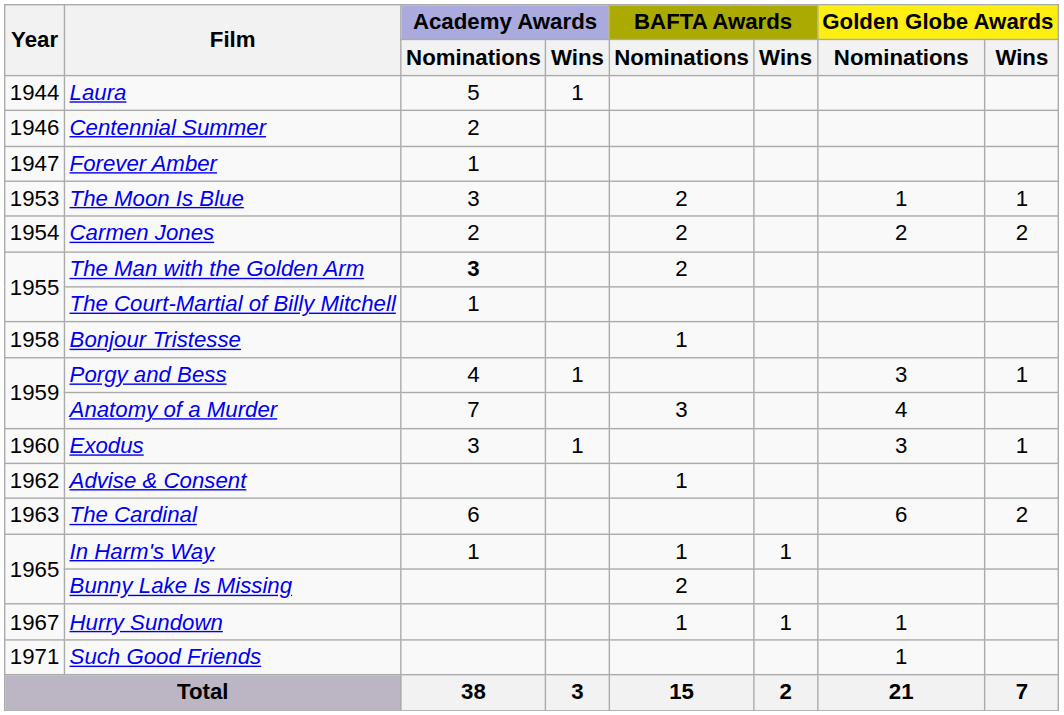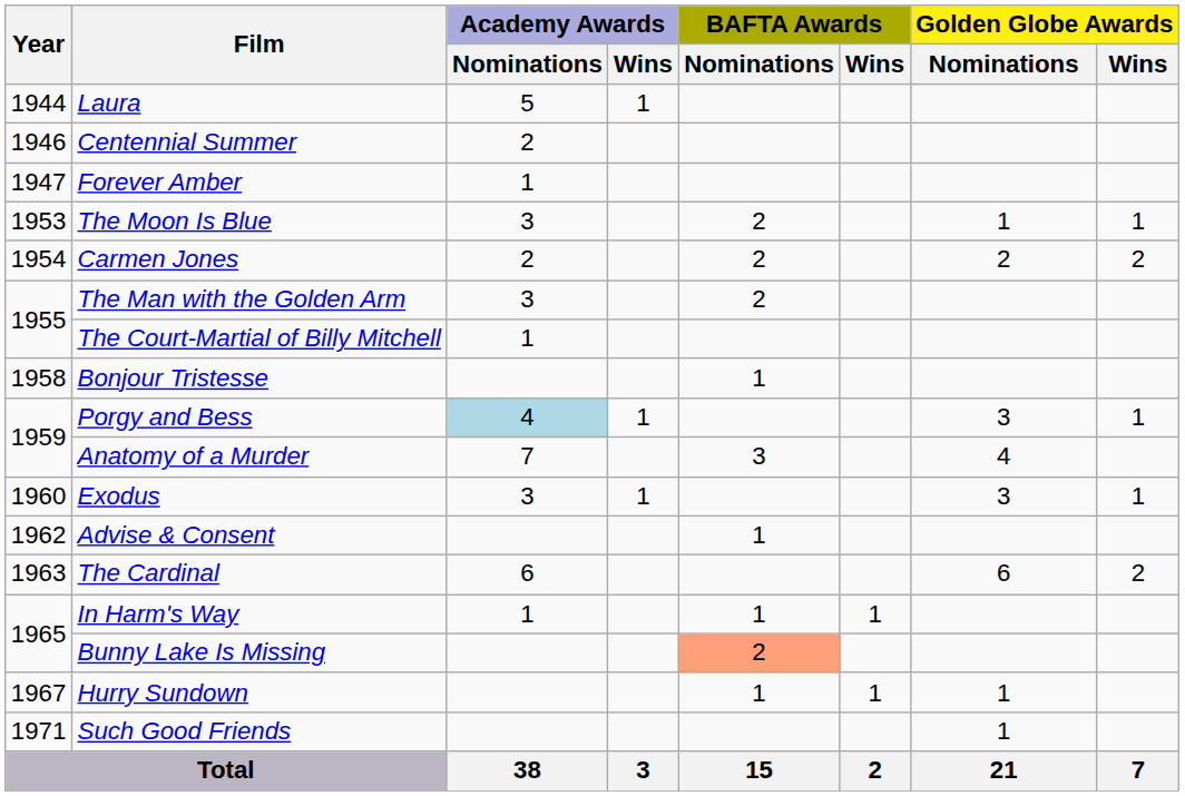 <table class="wikitable">
 <tr>
 <th rowspan="2">Year</th>
 <th rowspan="2">Film</th>
 <th colspan="2" style="background-color:#aaaade;">Academy Awards</th>
 <th colspan="2" style="background-color:#aa0;">BAFTA Awards</th>
 <th colspan="2" style="background-color:#fe1;">Golden Globe Awards</th>
 </tr>
 <tr>
 <th>Nominations</th>
 <th>Wins</th>
 <th>Nominations</th>
 <th>Wins</th>
 <th>Nominations</th>
 <th>Wins</th>
 </tr>
 <tr>
 <td>1944</td>
 <td><a href='#'><em>Laura</em></a></td>
 <td align=center>5</td>
 <td align=center>1</td>
 <td></td>
 <td></td>
 <td></td>
 <td></td>
 </tr>
 <tr>
 <td>1946</td>
 <td><em><a href='#'>Centennial Summer</a></em></td>
 <td align=center>2</td>
 <td></td>
 <td></td>
 <td></td>
 <td></td>
 <td></td>
 </tr>
 <tr>
 <td>1947</td>
 <td><a href='#'><em>Forever Amber</em></a></td>
 <td align=center>1</td>
 <td></td>
 <td></td>
 <td></td>
 <td></td>
 <td></td>
 </tr>
 <tr>
 <td>1953</td>
 <td><a href='#'><em>The Moon Is Blue</em></a></td>
 <td align=center>3</td>
 <td></td>
 <td align=center>2</td>
 <td></td>
 <td align=center>1</td>
 <td align=center>1</td>
 </tr>
 <tr>
 <td>1954</td>
 <td><a href='#'><em>Carmen Jones</em></a></td>
 <td align=center>2</td>
 <td></td>
 <td align=center>2</td>
 <td></td>
 <td align=center>2</td>
 <td align=center>2</td>
 </tr>
 <tr>
 <td rowspan="2">1955</td>
 <td><em><a href='#'>The Man with the Golden Arm</a></em></td>
-<td align=center><strong>3</strong></td>
+<td align=center>3</td>
 <td></td>
 <td align=center>2</td>
 <td></td>
 <td></td>
 <td></td>
 </tr>
 <tr>
 <td><em><a href='#'>The Court-Martial of Billy Mitchell</a></em></td>
 <td align=center>1</td>
 <td></td>
 <td></td>
 <td></td>
 <td></td>
 <td></td>
 </tr>
 <tr>
 <td>1958</td>
 <td><a href='#'><em>Bonjour Tristesse</em></a></td>
 <td></td>
 <td></td>
 <td align=center>1</td>
 <td></td>
 <td></td>
 <td></td>
 </tr>
 <tr>
 <td rowspan="2">1959</td>
 <td><a href='#'><em>Porgy and Bess</em></a></td>
-<td align=center>4</td>
+<td align=center style="background: lightblue;">4</td>
 <td align=center>1</td>
 <td></td>
 <td></td>
 <td align=center>3</td>
 <td align=center>1</td>
 </tr>
 <tr>
 <td><em><a href='#'>Anatomy of a Murder</a></em></td>
 <td align=center>7</td>
 <td></td>
 <td align=center>3</td>
 <td></td>
 <td align=center>4</td>
 <td></td>
 </tr>
 <tr>
 <td>1960</td>
 <td><a href='#'><em>Exodus</em></a></td>
 <td align=center>3</td>
 <td align=center>1</td>
 <td></td>
 <td></td>
 <td align=center>3</td>
 <td align=center>1</td>
 </tr>
 <tr>
 <td>1962</td>
 <td><em><a href='#'>Advise & Consent</a></em></td>
 <td></td>
 <td></td>
 <td align=center>1</td>
 <td></td>
 <td></td>
 <td></td>
 </tr>
 <tr>
 <td>1963</td>
 <td><em><a href='#'>The Cardinal</a></em></td>
 <td align=center>6</td>
 <td></td>
 <td></td>
 <td></td>
 <td align=center>6</td>
 <td align=center>2</td>
 </tr>
 <tr>
 <td rowspan="2">1965</td>
 <td><em><a href='#'>In Harm's Way</a></em></td>
 <td align=center>1</td>
 <td></td>
 <td align=center>1</td>
 <td align=center>1</td>
 <td></td>
 <td></td>
 </tr>
 <tr>
 <td><em><a href='#'>Bunny Lake Is Missing</a></em></td>
 <td></td>
 <td></td>
-<td align=center>2</td>
+<td align=center style="background: lightsalmon;">2</td>
 <td></td>
 <td></td>
 <td></td>
 </tr>
 <tr>
 <td>1967</td>
 <td><a href='#'><em>Hurry Sundown</em></a></td>
 <td></td>
 <td></td>
 <td align=center>1</td>
 <td align=center>1</td>
 <td align=center>1</td>
 <td></td>
 </tr>
 <tr>
 <td>1971</td>
 <td><em><a href='#'>Such Good Friends</a></em></td>
 <td></td>
 <td></td>
 <td></td>
 <td></td>
 <td align=center>1</td>
 <td></td>
 </tr>
 <tr>
 <th colspan="2" style="background-color:#bcb5c3">Total</th>
 <th>38</th>
 <th>3</th>
 <th>15</th>
 <th>2</th>
 <th>21</th>
 <th>7</th>
 </tr>
 </table>
